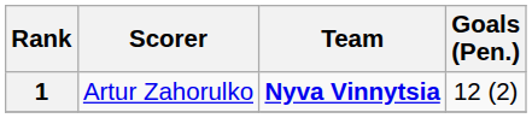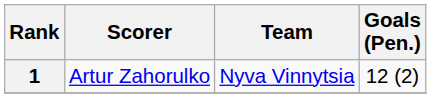 <table class="wikitable">
 <tr>
 <th>Rank</th>
 <th>Scorer</th>
 <th>Team</th>
 <th>Goals<br>(Pen.)</th>
 </tr>
 <tr>
 <th align=center rowspan=1>1</th>
 <td> <a href='#'>Artur Zahorulko</a></td>
-<td><strong><a href='#'>Nyva Vinnytsia</a></strong></td>
+<td><a href='#'>Nyva Vinnytsia</a></td>
 <td align=center>12 (2)</td>
 </tr>
 <tr>
 </tr>
 </table>
